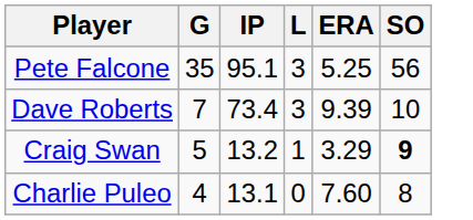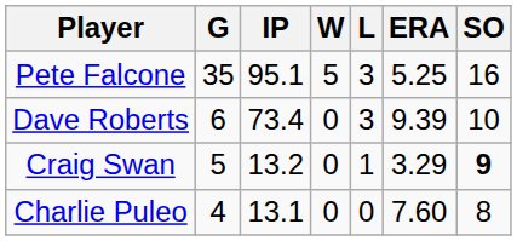 <table class="wikitable sortable">
 <tr>
 <th>Player</th>
 <th>G</th>
 <th>IP</th>
+<th>W</th>
 <th>L</th>
 <th>ERA</th>
 <th>SO</th>
 </tr>
 <tr align=center>
 <td><a href='#'>Pete Falcone</a></td>
 <td>35</td>
 <td>95.1</td>
+<td>5</td>
 <td>3</td>
 <td>5.25</td>
-<td>56</td>
+<td>16</td>
 </tr>
 <tr align=center>
 <td><a href='#'>Dave Roberts</a></td>
-<td>7</td>
+<td>6</td>
 <td>73.4</td>
+<td>0</td>
 <td>3</td>
 <td>9.39</td>
 <td>10</td>
 </tr>
 <tr align=center>
 <td><a href='#'>Craig Swan</a></td>
 <td>5</td>
 <td>13.2</td>
+<td>0</td>
 <td>1</td>
 <td>3.29</td>
 <td><strong>9</strong></td>
 </tr>
 <tr align=center>
 <td><a href='#'>Charlie Puleo</a></td>
 <td>4</td>
 <td>13.1</td>
 <td>0</td>
+<td>0</td>
 <td>7.60</td>
 <td>8</td>
 </tr>
 </table>
